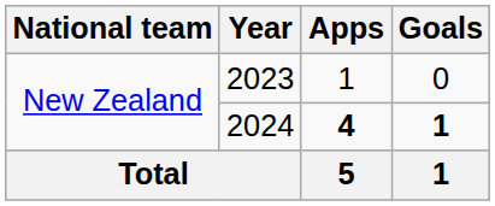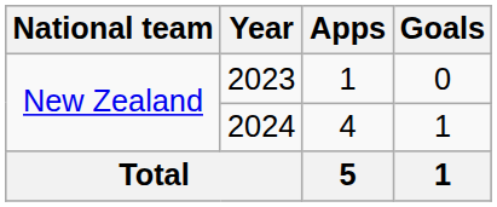 <table class=wikitable style=text-align:center>
 <tr>
 <th>National team</th>
 <th>Year</th>
 <th>Apps</th>
 <th>Goals</th>
 </tr>
 <tr>
 <td rowspan=2><a href='#'>New Zealand</a></td>
 <td>2023</td>
 <td>1</td>
 <td>0</td>
 </tr>
 <tr>
 <td>2024</td>
-<td><strong>4</strong></td>
-<td><strong>1</strong></td>
+<td>4</td>
+<td>1</td>
 </tr>
 <tr>
 <th colspan=2>Total</th>
 <th>5</th>
 <th>1</th>
 </tr>
 </table>
